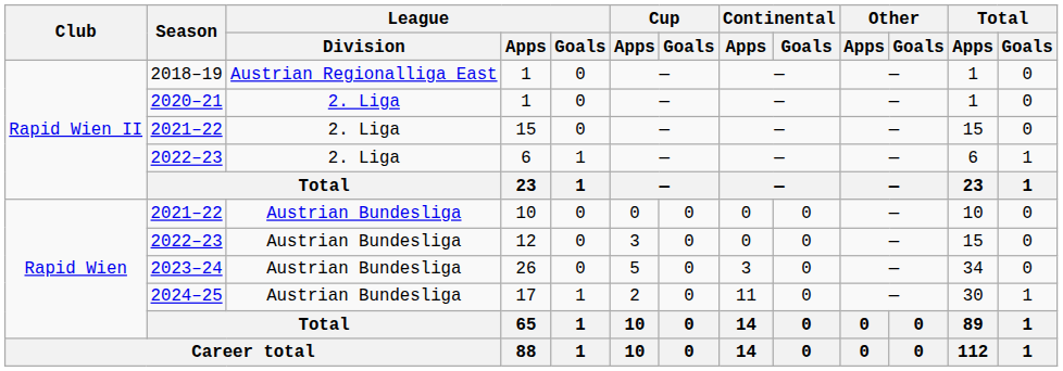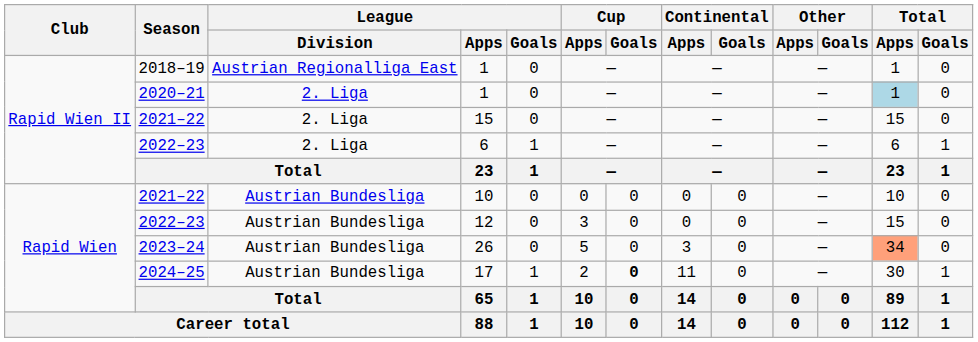 <table class="wikitable" style="text-align: center">
 <tr>
 <th rowspan="2">Club</th>
 <th rowspan="2">Season</th>
 <th colspan="3">League</th>
 <th colspan="2">Cup</th>
 <th colspan="2">Continental</th>
 <th colspan="2">Other</th>
 <th colspan="2">Total</th>
 </tr>
 <tr>
 <th>Division</th>
 <th>Apps</th>
 <th>Goals</th>
 <th>Apps</th>
 <th>Goals</th>
 <th>Apps</th>
 <th>Goals</th>
 <th>Apps</th>
 <th>Goals</th>
 <th>Apps</th>
 <th>Goals</th>
 </tr>
 <tr>
 <td rowspan="5"><a href='#'>Rapid Wien II</a></td>
 <td>2018–19</td>
 <td><a href='#'>Austrian Regionalliga East</a></td>
 <td>1</td>
 <td>0</td>
 <td colspan="2">—</td>
 <td colspan="2">—</td>
 <td colspan="2">—</td>
 <td>1</td>
 <td>0</td>
 </tr>
 <tr>
 <td><a href='#'>2020–21</a></td>
 <td><a href='#'>2. Liga</a></td>
 <td>1</td>
 <td>0</td>
 <td colspan="2">—</td>
 <td colspan="2">—</td>
 <td colspan="2">—</td>
-<td>1</td>
+<td style="background: lightblue;">1</td>
 <td>0</td>
 </tr>
 <tr>
 <td><a href='#'>2021–22</a></td>
 <td>2. Liga</td>
 <td>15</td>
 <td>0</td>
 <td colspan="2">—</td>
 <td colspan="2">—</td>
 <td colspan="2">—</td>
 <td>15</td>
 <td>0</td>
 </tr>
 <tr>
 <td><a href='#'>2022–23</a></td>
 <td>2. Liga</td>
 <td>6</td>
 <td>1</td>
 <td colspan="2">—</td>
 <td colspan="2">—</td>
 <td colspan="2">—</td>
 <td>6</td>
 <td>1</td>
 </tr>
 <tr>
 <th colspan="2">Total</th>
 <th>23</th>
 <th>1</th>
 <th colspan="2">—</th>
 <th colspan="2">—</th>
 <th colspan="2">—</th>
 <th>23</th>
 <th>1</th>
 </tr>
 <tr>
 <td rowspan="5"><a href='#'>Rapid Wien</a></td>
 <td><a href='#'>2021–22</a></td>
 <td><a href='#'>Austrian Bundesliga</a></td>
 <td>10</td>
 <td>0</td>
 <td>0</td>
 <td>0</td>
 <td>0</td>
 <td>0</td>
 <td colspan="2">—</td>
 <td>10</td>
 <td>0</td>
 </tr>
 <tr>
 <td><a href='#'>2022–23</a></td>
 <td>Austrian Bundesliga</td>
 <td>12</td>
 <td>0</td>
 <td>3</td>
 <td>0</td>
 <td>0</td>
 <td>0</td>
 <td colspan="2">—</td>
 <td>15</td>
 <td>0</td>
 </tr>
 <tr>
 <td><a href='#'>2023–24</a></td>
 <td>Austrian Bundesliga</td>
 <td>26</td>
 <td>0</td>
 <td>5</td>
 <td>0</td>
 <td>3</td>
 <td>0</td>
 <td colspan="2">—</td>
-<td>34</td>
+<td style="background: lightsalmon;">34</td>
 <td>0</td>
 </tr>
 <tr>
 <td><a href='#'>2024–25</a></td>
 <td>Austrian Bundesliga</td>
 <td>17</td>
 <td>1</td>
 <td>2</td>
-<td>0</td>
+<td><strong>0</strong></td>
 <td>11</td>
 <td>0</td>
 <td colspan="2">—</td>
 <td>30</td>
 <td>1</td>
 </tr>
 <tr>
 <th colspan="2">Total</th>
 <th>65</th>
 <th>1</th>
 <th>10</th>
 <th>0</th>
 <th>14</th>
 <th>0</th>
 <th>0</th>
 <th>0</th>
 <th>89</th>
 <th>1</th>
 </tr>
 <tr>
 <th colspan="3">Career total</th>
 <th>88</th>
 <th>1</th>
 <th>10</th>
 <th>0</th>
 <th>14</th>
 <th>0</th>
 <th>0</th>
 <th>0</th>
 <th>112</th>
 <th>1</th>
 </tr>
 </table>
